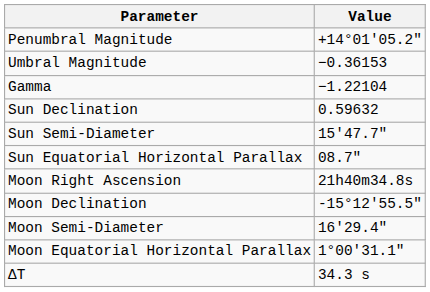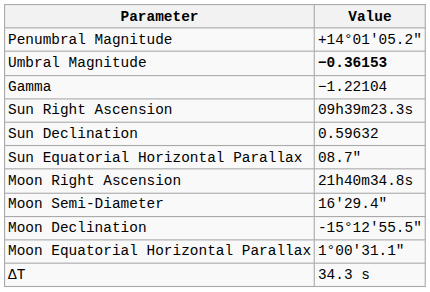 <table class="wikitable">
 <tr>
 <th>Parameter</th>
 <th>Value</th>
 </tr>
 <tr>
 <td>Penumbral Magnitude</td>
 <td>+14°01'05.2"</td>
 </tr>
 <tr>
 <td>Umbral Magnitude</td>
-<td>−0.36153</td>
+<td><strong>−0.36153</strong></td>
 </tr>
 <tr>
 <td>Gamma</td>
 <td>−1.22104</td>
 </tr>
 <tr>
+<td>Sun Right Ascension</td>
+<td>09h39m23.3s</td>
+</tr>
+<tr>
 <td>Sun Declination</td>
 <td>0.59632</td>
-</tr>
-<tr>
-<td>Sun Semi-Diameter</td>
-<td>15'47.7"</td>
 </tr>
 <tr>
 <td>Sun Equatorial Horizontal Parallax</td>
 <td>08.7"</td>
 </tr>
 <tr>
 <td>Moon Right Ascension</td>
 <td>21h40m34.8s</td>
 </tr>
 <tr>
+<td>Moon Semi-Diameter</td>
+<td>16'29.4"</td>
+</tr>
+<tr>
 <td>Moon Declination</td>
 <td>-15°12'55.5"</td>
-</tr>
-<tr>
-<td>Moon Semi-Diameter</td>
-<td>16'29.4"</td>
 </tr>
 <tr>
 <td>Moon Equatorial Horizontal Parallax</td>
 <td>1°00'31.1"</td>
 </tr>
 <tr>
 <td>ΔT</td>
 <td>34.3 s</td>
 </tr>
 </table>
